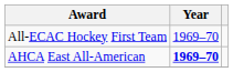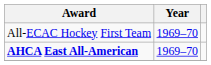 <table class="wikitable">
 <tr>
 <th>Award</th>
 <th>Year</th>
 <th></th>
 </tr>
 <tr>
 <td>All-<a href='#'>ECAC Hockey</a> <a href='#'>First Team</a></td>
 <td><a href='#'>1969–70</a></td>
 <td></td>
 </tr>
 <tr>
-<td><a href='#'>AHCA</a> <a href='#'>East All-American</a></td>
-<td><strong><a href='#'>1969–70</a></strong></td>
+<td><strong><a href='#'>AHCA</a> <a href='#'>East All-American</a></strong></td>
+<td><a href='#'>1969–70</a></td>
 <td></td>
 </tr>
 <tr>
 </tr>
 </table>
